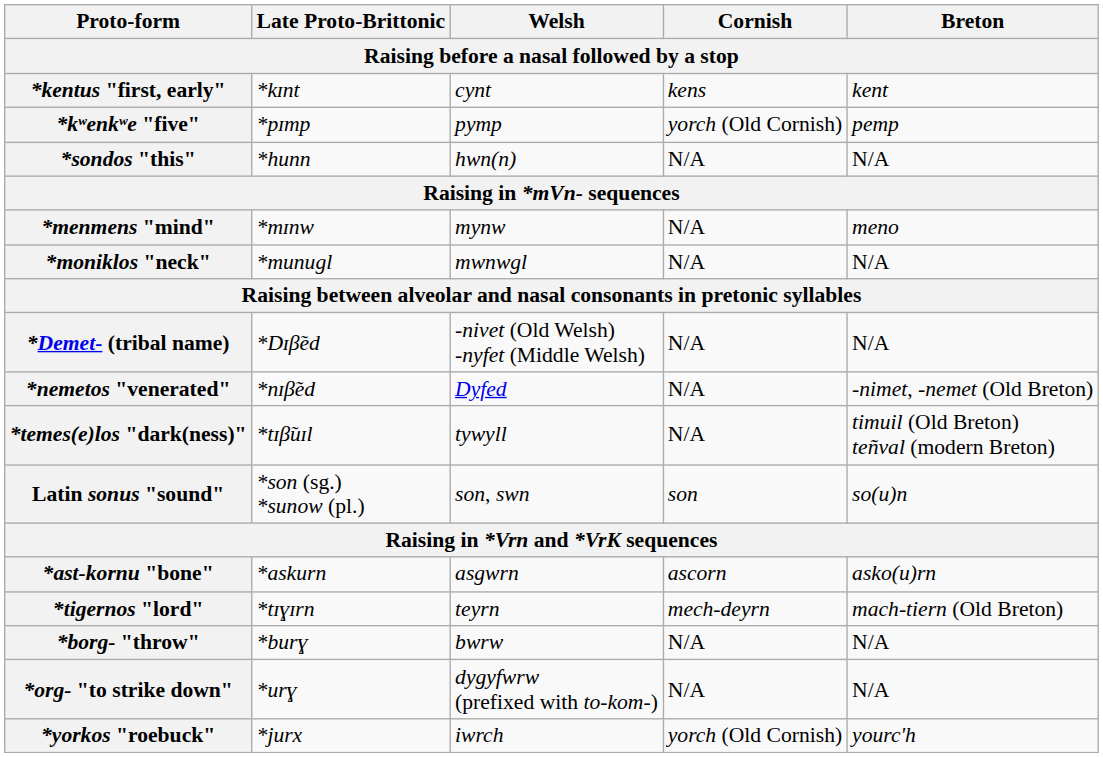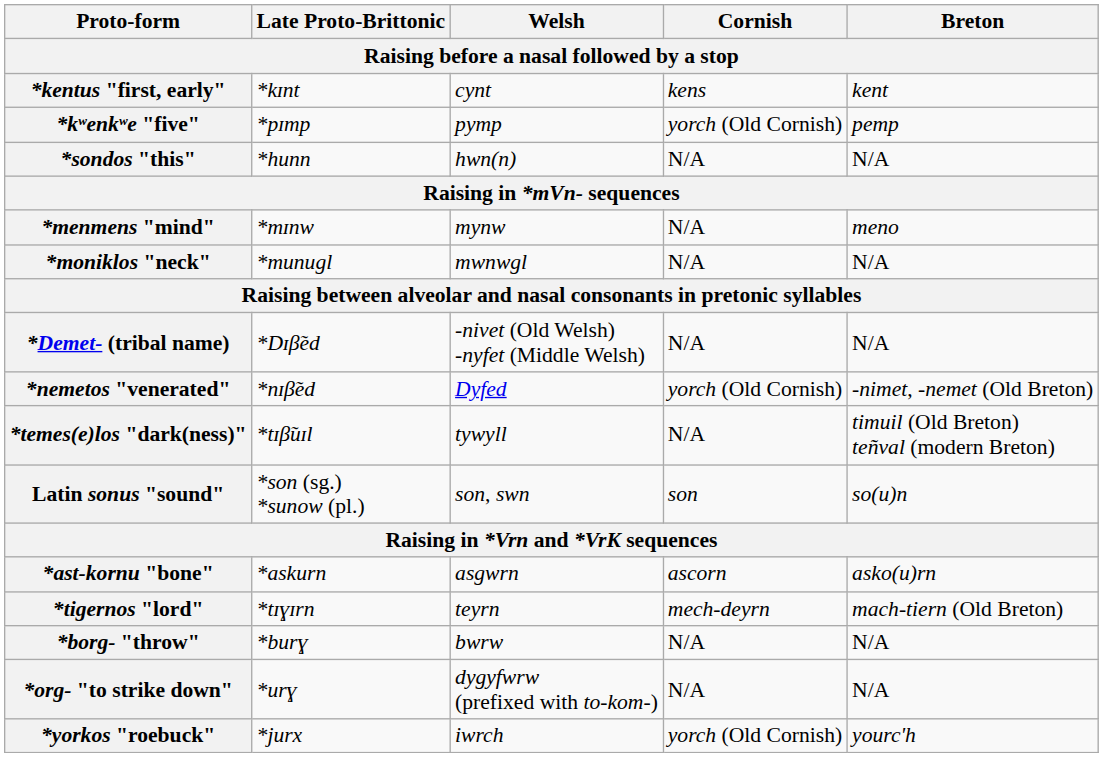 <table class="wikitable">
 <tr>
 <th>Proto-form</th>
 <th>Late Proto-Brittonic</th>
 <th>Welsh</th>
 <th>Cornish</th>
 <th>Breton</th>
 </tr>
 <tr>
 <th colspan=5>Raising before a nasal followed by a stop</th>
 </tr>
 <tr>
 <th><em>*kentus</em> "first, early"</th>
 <td><em>*kɪnt</em></td>
 <td><em>cynt</em></td>
 <td><em>kens</em></td>
 <td><em>kent</em></td>
 </tr>
 <tr>
 <th><em>*kʷenkʷe</em> "five"</th>
 <td><em>*pɪmp</em></td>
 <td><em>pymp</em></td>
 <td><em>yorch</em> (Old Cornish)</td>
 <td><em>pemp</em></td>
 </tr>
 <tr>
 <th><em>*sondos</em> "this"</th>
 <td><em>*hunn</em></td>
 <td><em>hwn(n)</em></td>
 <td>N/A</td>
 <td>N/A</td>
 </tr>
 <tr>
 <th colspan=5>Raising in <em>*mVn-</em> sequences</th>
 </tr>
 <tr>
 <th><em>*menmens</em> "mind"</th>
 <td><em>*mɪnw</em></td>
 <td><em>mynw</em></td>
 <td>N/A</td>
 <td><em>meno</em></td>
 </tr>
 <tr>
 <th><em>*moniklos</em> "neck"</th>
 <td><em>*munugl</em></td>
 <td><em>mwnwgl</em></td>
 <td>N/A</td>
 <td>N/A</td>
 </tr>
 <tr>
 <th colspan=5>Raising between alveolar and nasal consonants in pretonic syllables</th>
 </tr>
 <tr>
 <th><em>*<a href='#'>Demet-</a></em> (tribal name)</th>
 <td><em>*Dɪβ̃ed</em></td>
 <td><em>-nivet</em> (Old Welsh) <br> <em>-nyfet</em> (Middle Welsh)</td>
 <td>N/A</td>
 <td>N/A</td>
 </tr>
 <tr>
 <th><em>*nemetos</em> "venerated"</th>
 <td><em>*nɪβ̃ed</em></td>
 <td><em><a href='#'>Dyfed</a></em></td>
-<td>N/A</td>
+<td><em>yorch</em> (Old Cornish)</td>
 <td><em>-nimet</em>, <em>-nemet</em> (Old Breton)</td>
 </tr>
 <tr>
 <th><em>*temes(e)los</em> "dark(ness)"</th>
 <td><em>*tɪβ̃uɪl</em></td>
 <td><em>tywyll</em></td>
 <td>N/A</td>
 <td><em>timuil</em> (Old Breton) <br> <em>teñval</em> (modern Breton)</td>
 </tr>
 <tr>
 <th>Latin <em>sonus</em> "sound"</th>
 <td><em>*son</em> (sg.) <br> <em>*sunow</em> (pl.)</td>
 <td><em>son</em>, <em>swn</em></td>
 <td><em>son</em></td>
 <td><em>so(u)n</em></td>
 </tr>
 <tr>
 <th colspan=5>Raising in <em>*Vrn</em> and <em>*VrK</em> sequences</th>
 </tr>
 <tr>
 <th><em>*ast-kornu</em> "bone"</th>
 <td><em>*askurn</em></td>
 <td><em>asgwrn</em></td>
 <td><em>ascorn</em></td>
 <td><em>asko(u)rn</em></td>
 </tr>
 <tr>
 <th><em>*tigernos</em> "lord"</th>
 <td><em>*tɪɣɪrn</em></td>
 <td><em>teyrn</em></td>
 <td><em>mech-deyrn</em></td>
 <td><em>mach-tiern</em> (Old Breton)</td>
 </tr>
 <tr>
 <th><em>*borg-</em> "throw"</th>
 <td><em>*burɣ</em></td>
 <td><em>bwrw</em></td>
 <td>N/A</td>
 <td>N/A</td>
 </tr>
 <tr>
 <th><em>*org-</em> "to strike down"</th>
 <td><em>*urɣ</em></td>
 <td><em>dygyfwrw</em> <br>(prefixed with <em>to-kom-</em>)</td>
 <td>N/A</td>
 <td>N/A</td>
 </tr>
 <tr>
 <th><em>*yorkos</em> "roebuck"</th>
 <td><em>*jurx</em></td>
 <td><em>iwrch</em></td>
 <td><em>yorch</em> (Old Cornish)</td>
 <td><em>yourc'h</em></td>
 </tr>
 </table>
